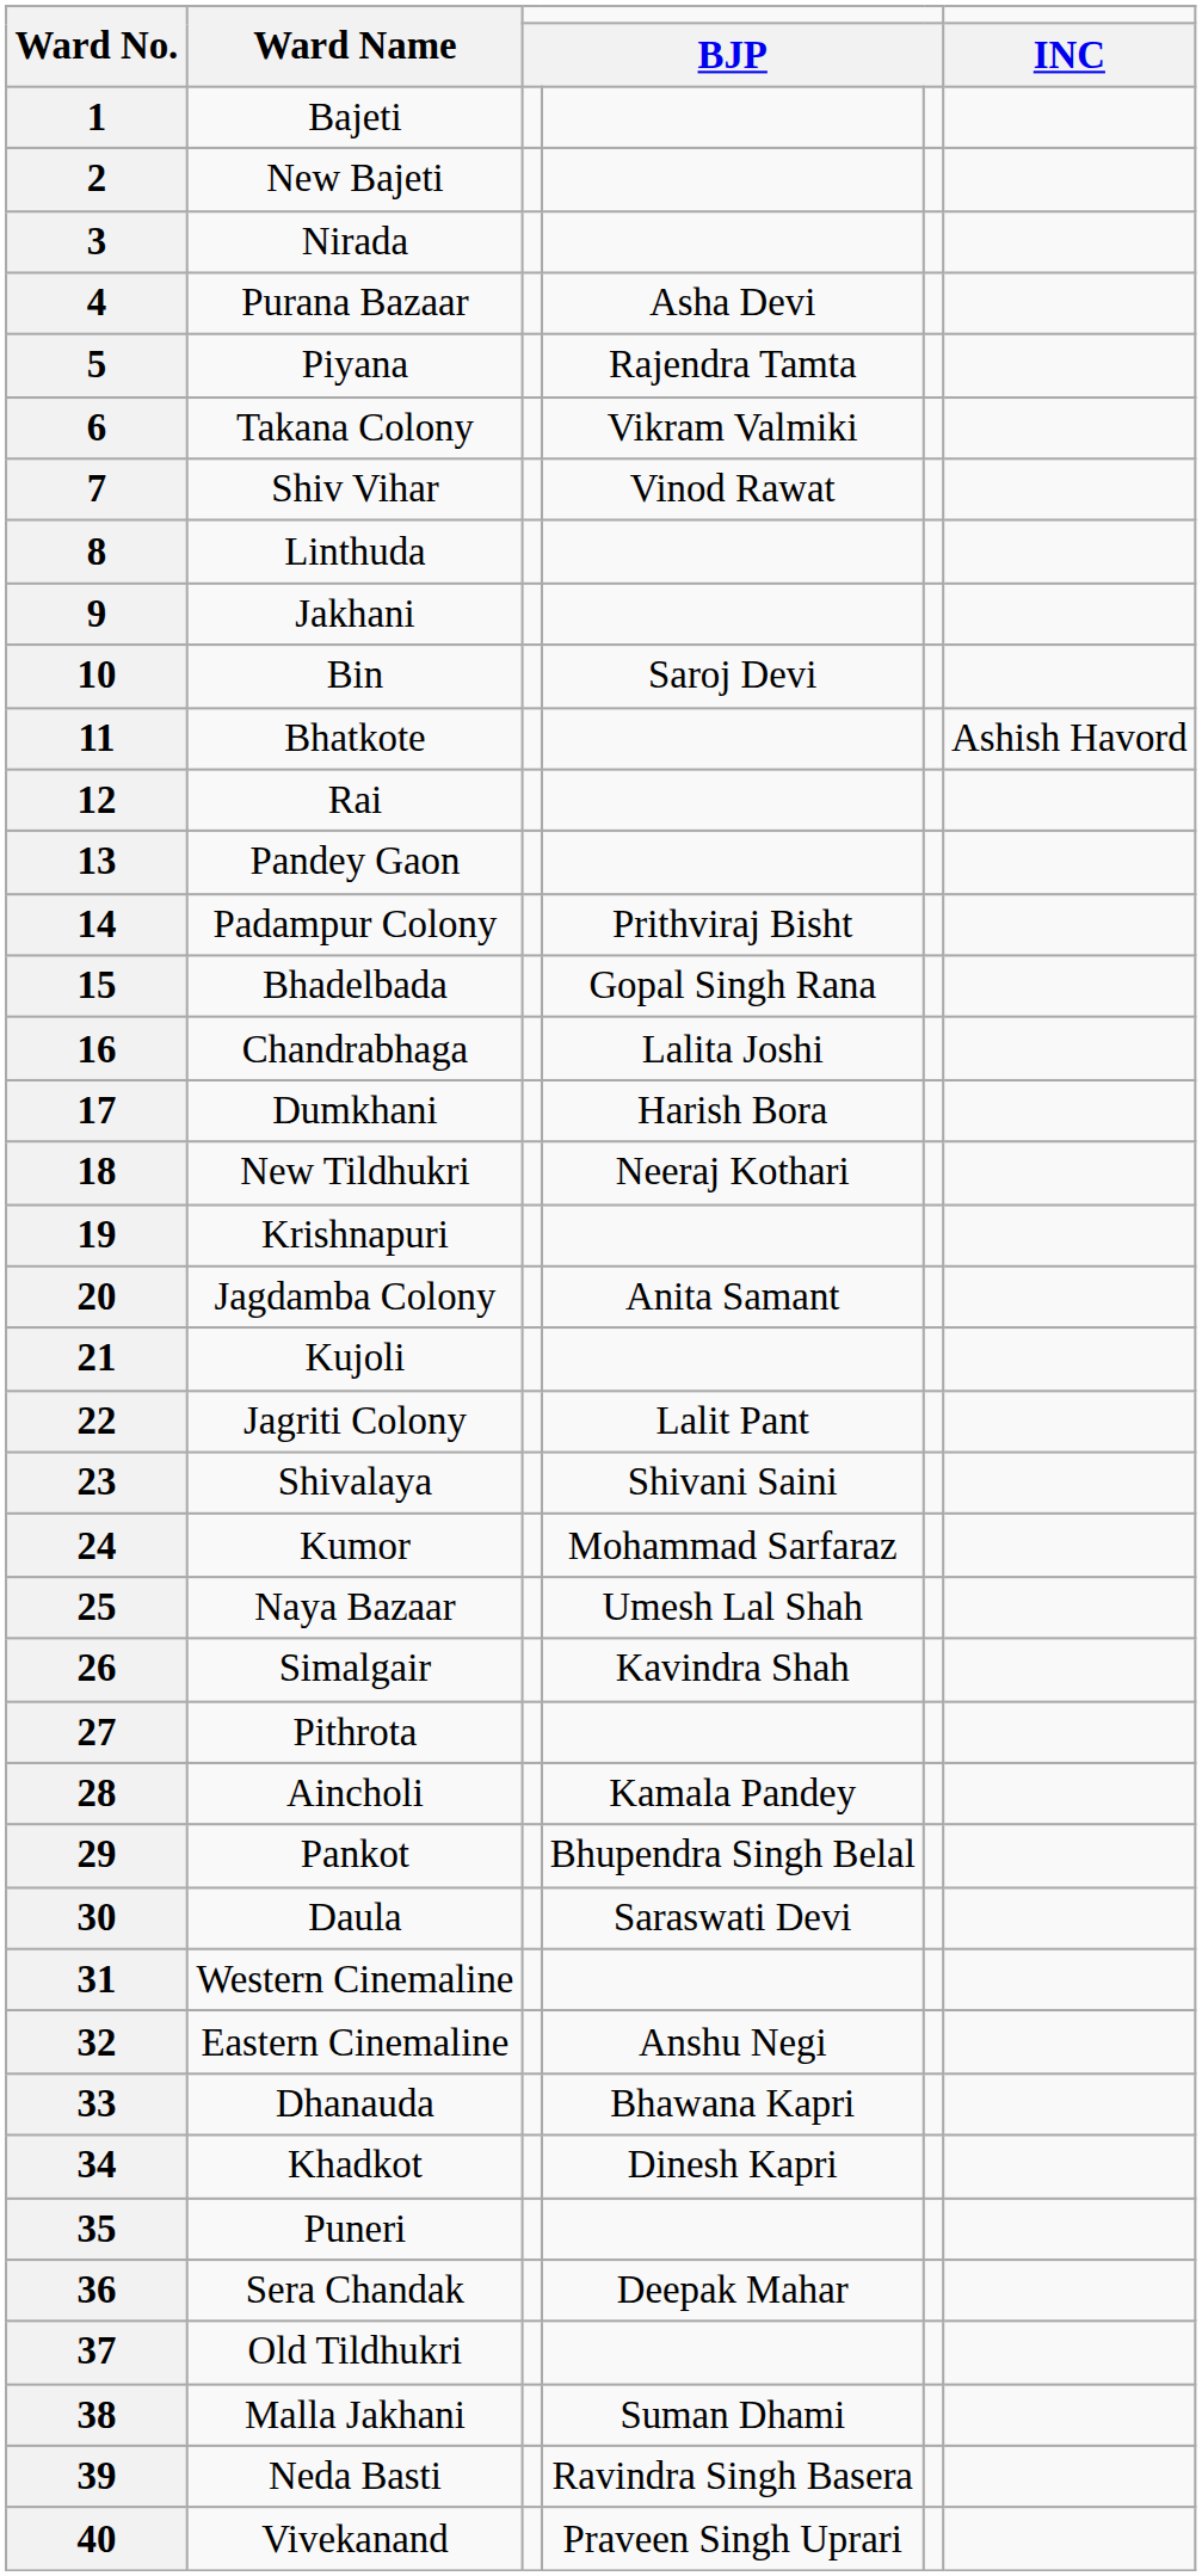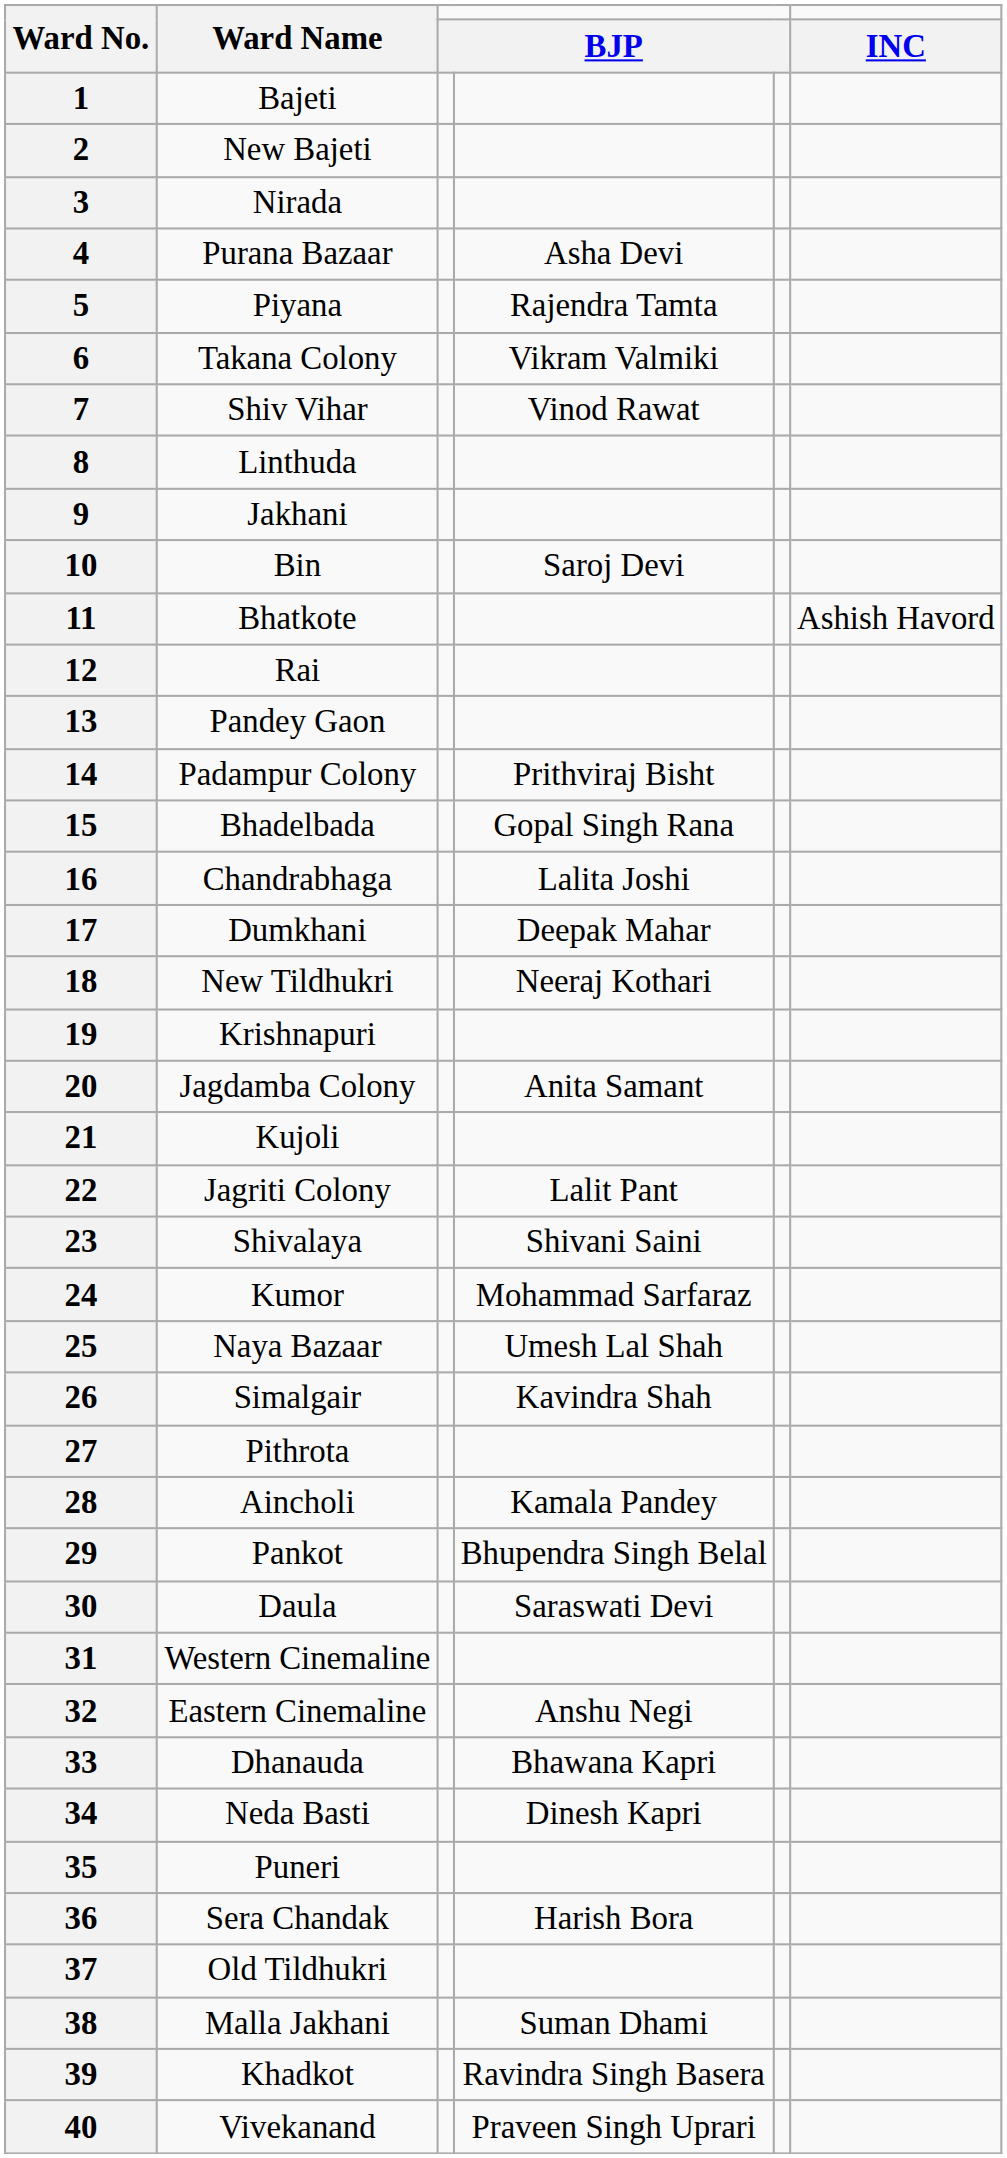 <table class="wikitable sortable" style="text-align:center;">
 <tr>
 <th rowspan="2">Ward No.</th>
 <th rowspan="2">Ward Name</th>
 <td colspan="3" style="background:"></td>
 <td colspan="3" style="background:"></td>
 </tr>
 <tr>
 <th colspan="3"><a href='#'>BJP</a></th>
 <th colspan="3"><a href='#'>INC</a></th>
 </tr>
 <tr>
 <th>1</th>
 <td>Bajeti</td>
 <td></td>
 <td></td>
 <td></td>
 <td></td>
 </tr>
 <tr>
 <th>2</th>
 <td>New Bajeti</td>
 <td></td>
 <td></td>
 <td></td>
 <td></td>
 </tr>
 <tr>
 <th>3</th>
 <td>Nirada</td>
 <td></td>
 <td></td>
 <td></td>
 <td></td>
 </tr>
 <tr>
 <th>4</th>
 <td>Purana Bazaar</td>
 <td></td>
 <td>Asha Devi</td>
 <td></td>
 <td></td>
 </tr>
 <tr>
 <th>5</th>
 <td>Piyana</td>
 <td></td>
 <td>Rajendra Tamta</td>
 <td></td>
 <td></td>
 </tr>
 <tr>
 <th>6</th>
 <td>Takana Colony</td>
 <td></td>
 <td>Vikram Valmiki</td>
 <td></td>
 <td></td>
 </tr>
 <tr>
 <th>7</th>
 <td>Shiv Vihar</td>
 <td></td>
 <td>Vinod Rawat</td>
 <td></td>
 <td></td>
 </tr>
 <tr>
 <th>8</th>
 <td>Linthuda</td>
 <td></td>
 <td></td>
 <td></td>
 <td></td>
 </tr>
 <tr>
 <th>9</th>
 <td>Jakhani</td>
 <td></td>
 <td></td>
 <td></td>
 <td></td>
 </tr>
 <tr>
 <th>10</th>
 <td>Bin</td>
 <td></td>
 <td>Saroj Devi</td>
 <td></td>
 <td></td>
 </tr>
 <tr>
 <th>11</th>
 <td>Bhatkote</td>
 <td></td>
 <td></td>
 <td></td>
 <td>Ashish Havord</td>
 </tr>
 <tr>
 <th>12</th>
 <td>Rai</td>
 <td></td>
 <td></td>
 <td></td>
 <td></td>
 </tr>
 <tr>
 <th>13</th>
 <td>Pandey Gaon</td>
 <td></td>
 <td></td>
 <td></td>
 <td></td>
 </tr>
 <tr>
 <th>14</th>
 <td>Padampur Colony</td>
 <td></td>
 <td>Prithviraj Bisht</td>
 <td></td>
 <td></td>
 </tr>
 <tr>
 <th>15</th>
 <td>Bhadelbada</td>
 <td></td>
 <td>Gopal Singh Rana</td>
 <td></td>
 <td></td>
 </tr>
 <tr>
 <th>16</th>
 <td>Chandrabhaga</td>
 <td></td>
 <td>Lalita Joshi</td>
 <td></td>
 <td></td>
 </tr>
 <tr>
 <th>17</th>
 <td>Dumkhani</td>
 <td></td>
-<td>Harish Bora</td>
+<td>Deepak Mahar</td>
 <td></td>
 <td></td>
 </tr>
 <tr>
 <th>18</th>
 <td>New Tildhukri</td>
 <td></td>
 <td>Neeraj Kothari</td>
 <td></td>
 <td></td>
 </tr>
 <tr>
 <th>19</th>
 <td>Krishnapuri</td>
 <td></td>
 <td></td>
 <td></td>
 <td></td>
 </tr>
 <tr>
 <th>20</th>
 <td>Jagdamba Colony</td>
 <td></td>
 <td>Anita Samant</td>
 <td></td>
 <td></td>
 </tr>
 <tr>
 <th>21</th>
 <td>Kujoli</td>
 <td></td>
 <td></td>
 <td></td>
 <td></td>
 </tr>
 <tr>
 <th>22</th>
 <td>Jagriti Colony</td>
 <td></td>
 <td>Lalit Pant</td>
 <td></td>
 <td></td>
 </tr>
 <tr>
 <th>23</th>
 <td>Shivalaya</td>
 <td></td>
 <td>Shivani Saini</td>
 <td></td>
 <td></td>
 </tr>
 <tr>
 <th>24</th>
 <td>Kumor</td>
 <td></td>
 <td>Mohammad Sarfaraz</td>
 <td></td>
 <td></td>
 </tr>
 <tr>
 <th>25</th>
 <td>Naya Bazaar</td>
 <td></td>
 <td>Umesh Lal Shah</td>
 <td></td>
 <td></td>
 </tr>
 <tr>
 <th>26</th>
 <td>Simalgair</td>
 <td></td>
 <td>Kavindra Shah</td>
 <td></td>
 <td></td>
 </tr>
 <tr>
 <th>27</th>
 <td>Pithrota</td>
 <td></td>
 <td></td>
 <td></td>
 <td></td>
 </tr>
 <tr>
 <th>28</th>
 <td>Aincholi</td>
 <td></td>
 <td>Kamala Pandey</td>
 <td></td>
 <td></td>
 </tr>
 <tr>
 <th>29</th>
 <td>Pankot</td>
 <td></td>
 <td>Bhupendra Singh Belal</td>
 <td></td>
 <td></td>
 </tr>
 <tr>
 <th>30</th>
 <td>Daula</td>
 <td></td>
 <td>Saraswati Devi</td>
 <td></td>
 <td></td>
 </tr>
 <tr>
 <th>31</th>
 <td>Western Cinemaline</td>
 <td></td>
 <td></td>
 <td></td>
 <td></td>
 </tr>
 <tr>
 <th>32</th>
 <td>Eastern Cinemaline</td>
 <td></td>
 <td>Anshu Negi</td>
 <td></td>
 <td></td>
 </tr>
 <tr>
 <th>33</th>
 <td>Dhanauda</td>
 <td></td>
 <td>Bhawana Kapri</td>
 <td></td>
 <td></td>
 </tr>
 <tr>
 <th>34</th>
-<td>Khadkot</td>
+<td>Neda Basti</td>
 <td></td>
 <td>Dinesh Kapri</td>
 <td></td>
 <td></td>
 </tr>
 <tr>
 <th>35</th>
 <td>Puneri</td>
 <td></td>
 <td></td>
 <td></td>
 <td></td>
 </tr>
 <tr>
 <th>36</th>
 <td>Sera Chandak</td>
 <td></td>
-<td>Deepak Mahar</td>
+<td>Harish Bora</td>
 <td></td>
 <td></td>
 </tr>
 <tr>
 <th>37</th>
 <td>Old Tildhukri</td>
 <td></td>
 <td></td>
 <td></td>
 <td></td>
 </tr>
 <tr>
 <th>38</th>
 <td>Malla Jakhani</td>
 <td></td>
 <td>Suman Dhami</td>
 <td></td>
 <td></td>
 </tr>
 <tr>
 <th>39</th>
-<td>Neda Basti</td>
+<td>Khadkot</td>
 <td></td>
 <td>Ravindra Singh Basera</td>
 <td></td>
 <td></td>
 </tr>
 <tr>
 <th>40</th>
 <td>Vivekanand</td>
 <td></td>
 <td>Praveen Singh Uprari</td>
 <td></td>
 <td></td>
 </tr>
 </table>
